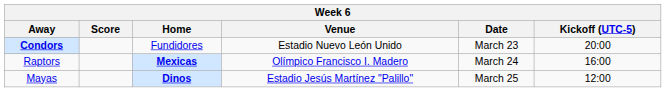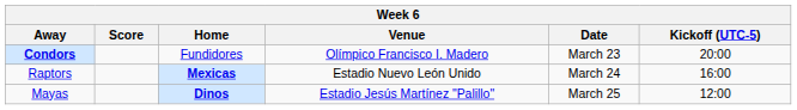 <table class="wikitable mw-collapsible mw-collapsed" style="width:80%;">
 <tr>
 <th colspan="8">Week 6</th>
 </tr>
 <tr>
 <th>Away</th>
 <th>Score</th>
 <th>Home</th>
 <th>Venue</th>
 <th>Date</th>
 <th>Kickoff (<a href='#'>UTC-5</a>)</th>
 </tr>
 <tr align="center">
 <td bgcolor="#D0E7FF"><strong><a href='#'>Condors</a></strong></td>
 <td></td>
 <td><a href='#'>Fundidores</a></td>
-<td>Estadio Nuevo León Unido</td>
+<td><a href='#'>Olímpico Francisco I. Madero</a></td>
 <td>March 23</td>
 <td>20:00</td>
 </tr>
 <tr align="center">
 <td><a href='#'>Raptors</a></td>
 <td></td>
 <td bgcolor="#D0E7FF"><strong><a href='#'>Mexicas</a></strong></td>
-<td><a href='#'>Olímpico Francisco I. Madero</a></td>
+<td>Estadio Nuevo León Unido</td>
 <td>March 24</td>
 <td>16:00</td>
 </tr>
 <tr align="center">
 <td><a href='#'>Mayas</a></td>
 <td></td>
 <td bgcolor="#D0E7FF"><strong><a href='#'>Dinos</a></strong></td>
 <td><a href='#'>Estadio Jesús Martínez "Palillo"</a></td>
 <td>March 25</td>
 <td>12:00</td>
 </tr>
 </table>
